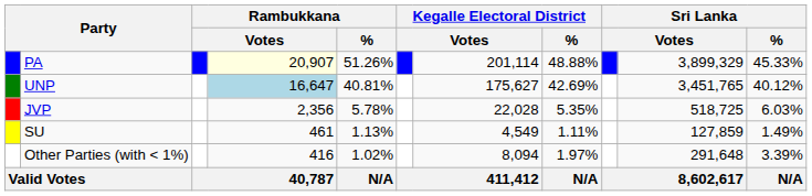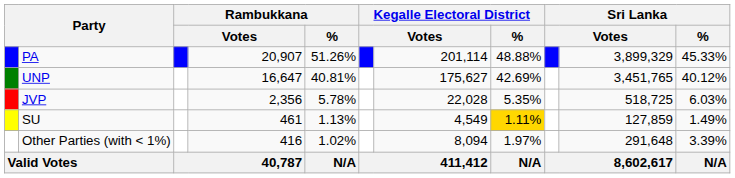 <table class="wikitable">
 <tr>
 <th colspan="2" width="144px"rowspan="2">Party</th>
 <th colspan="3" width="216px">Rambukkana</th>
 <th colspan="3" width="216px"><a href='#'>Kegalle Electoral District</a></th>
 <th colspan="3" width="216px">Sri Lanka</th>
 </tr>
 <tr>
 <th colspan="2" width="144px">Votes</th>
 <th>%</th>
 <th colspan="2" width="144px">Votes</th>
 <th>%</th>
 <th colspan="2" width="144px">Votes</th>
 <th>%</th>
 </tr>
 <tr>
 <td style="background-color:blue;" width="10px"></td>
 <td style="text-align:left;"><a href='#'>PA</a></td>
 <td style="background-color:blue;" width="10px"></td>
-<td style="background: lightyellow; text-align:right;">20,907</td>
+<td style="text-align:right;">20,907</td>
 <td style="text-align:right;">51.26%</td>
 <td style="background-color:blue;" width="10px"></td>
 <td style="text-align:right;">201,114</td>
 <td style="text-align:right;">48.88%</td>
 <td style="background-color:blue;" width="10px"></td>
 <td style="text-align:right;">3,899,329</td>
 <td style="text-align:right;">45.33%</td>
 </tr>
 <tr>
 <td style="background-color:green;" width="10px"></td>
 <td style="text-align:left;"><a href='#'>UNP</a></td>
 <td style="background-color:white;" width="10px"></td>
-<td style="background: lightblue; text-align:right;">16,647</td>
+<td style="text-align:right;">16,647</td>
 <td style="text-align:right;">40.81%</td>
 <td style="background-color:white;" width="10px"></td>
 <td style="text-align:right;">175,627</td>
 <td style="text-align:right;">42.69%</td>
 <td style="background-color:white;" width="10px"></td>
 <td style="text-align:right;">3,451,765</td>
 <td style="text-align:right;">40.12%</td>
 </tr>
 <tr>
 <td style="background-color:red;" width="10px"></td>
 <td style="text-align:left;"><a href='#'>JVP</a></td>
 <td style="background-color:white;" width="10px"></td>
 <td style="text-align:right;">2,356</td>
 <td style="text-align:right;">5.78%</td>
 <td style="background-color:white;" width="10px"></td>
 <td style="text-align:right;">22,028</td>
 <td style="text-align:right;">5.35%</td>
 <td style="background-color:white;" width="10px"></td>
 <td style="text-align:right;">518,725</td>
 <td style="text-align:right;">6.03%</td>
 </tr>
 <tr>
 <td style="background-color:yellow;" width="10px"></td>
 <td style="text-align:left;">SU</td>
 <td style="background-color:white;" width="10px"></td>
 <td style="text-align:right;">461</td>
 <td style="text-align:right;">1.13%</td>
 <td style="background-color:white;" width="10px"></td>
 <td style="text-align:right;">4,549</td>
-<td style="text-align:right;">1.11%</td>
+<td style="background: gold; text-align:right;">1.11%</td>
 <td style="background-color:white;" width="10px"></td>
 <td style="text-align:right;">127,859</td>
 <td style="text-align:right;">1.49%</td>
 </tr>
 <tr>
 <td style="background-color:white;" width="10px"></td>
 <td style="text-align:left;">Other Parties (with < 1%)</td>
 <td style="background-color:white;" width="10px"></td>
 <td style="text-align:right;">416</td>
 <td style="text-align:right;">1.02%</td>
 <td style="background-color:white;" width="10px"></td>
 <td style="text-align:right;">8,094</td>
 <td style="text-align:right;">1.97%</td>
 <td style="background-color:white;" width="10px"></td>
 <td style="text-align:right;">291,648</td>
 <td style="text-align:right;">3.39%</td>
 </tr>
 <tr>
 <th colspan="2" width="144px"style="text-align:left;">Valid Votes</th>
 <th style="text-align:right;"colspan="2" width="144px">40,787</th>
 <th style="text-align:right;">N/A</th>
 <th style="text-align:right;"colspan="2" width="144px">411,412</th>
 <th style="text-align:right;">N/A</th>
 <th style="text-align:right;"colspan="2" width="144px">8,602,617</th>
 <th style="text-align:right;">N/A</th>
 </tr>
 </table>
